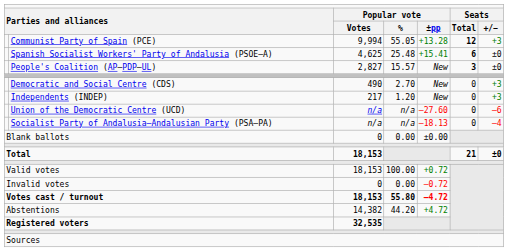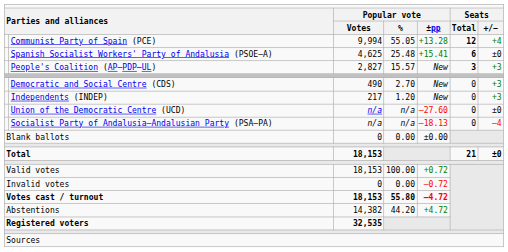 <table class="wikitable" style="text-align:right;">
 <tr>
 <td colspan="7"></td>
 </tr>
 <tr>
 <th style="text-align:left;" rowspan="2" colspan="2" width="525">Parties and alliances</th>
 <th colspan="3">Popular vote</th>
 <th colspan="2">Seats</th>
 </tr>
 <tr>
 <th width="75">Votes</th>
 <th width="45">%</th>
 <th width="45">±<a href='#'>pp</a></th>
 <th width="35">Total</th>
 <th width="35">+/−</th>
 </tr>
 <tr>
 <td width="1" style="color:inherit;background:"></td>
 <td align="left"><a href='#'>Communist Party of Spain</a> (PCE)</td>
 <td>9,994</td>
 <td>55.05</td>
 <td style="color:green;">+13.28</td>
 <td><strong>12</strong></td>
-<td style="color:green;">+3</td>
+<td style="color:green;">+4</td>
 </tr>
 <tr>
 <td style="color:inherit;background:"></td>
 <td align="left"><a href='#'>Spanish Socialist Workers' Party of Andalusia</a> (PSOE–A)</td>
 <td>4,625</td>
 <td>25.48</td>
 <td style="color:green;">+15.41</td>
 <td><strong>6</strong></td>
 <td>±0</td>
 </tr>
 <tr>
 <td style="color:inherit;background:"></td>
 <td align="left"><a href='#'>People's Coalition</a> (<a href='#'>AP</a>–<a href='#'>PDP</a>–<a href='#'>UL</a>)</td>
 <td>2,827</td>
 <td>15.57</td>
 <td><em>New</em></td>
 <td><strong>3</strong></td>
-<td>±0</td>
+<td style="color:green;">+3</td>
 </tr>
 <tr>
 <td colspan="7" bgcolor="#C0C0C0"></td>
 </tr>
 <tr>
 <td style="color:inherit;background:"></td>
 <td align="left"><a href='#'>Democratic and Social Centre</a> (CDS)</td>
 <td>490</td>
 <td>2.70</td>
 <td><em>New</em></td>
 <td>0</td>
 <td style="color:green;">+3</td>
 </tr>
 <tr>
 <td style="color:inherit;background:"></td>
 <td align="left"><a href='#'>Independents</a> (INDEP)</td>
 <td>217</td>
 <td>1.20</td>
 <td><em>New</em></td>
 <td>0</td>
 <td style="color:green;">+3</td>
 </tr>
 <tr>
 <td style="color:inherit;background:"></td>
 <td align="left"><a href='#'>Union of the Democratic Centre</a> (UCD)</td>
 <td><em><a href='#'>n/a</a></em></td>
 <td><em>n/a</em></td>
 <td style="color:red;">–27.60</td>
 <td>0</td>
-<td style="color:red;">–6</td>
+<td>±0</td>
 </tr>
 <tr>
 <td style="color:inherit;background:"></td>
 <td align="left"><a href='#'>Socialist Party of Andalusia–Andalusian Party</a> (PSA–PA)</td>
 <td><em>n/a</em></td>
 <td><em>n/a</em></td>
 <td style="color:red;">–18.13</td>
 <td>0</td>
 <td style="color:red;">–4</td>
 </tr>
 <tr>
 <td align="left" colspan="2">Blank ballots</td>
 <td>0</td>
 <td>0.00</td>
 <td>±0.00</td>
 <td bgcolor="#E9E9E9" colspan="2"></td>
 </tr>
 <tr>
 <td colspan="7" bgcolor="#E9E9E9"></td>
 </tr>
 <tr style="font-weight:bold;">
 <td align="left" colspan="2">Total</td>
 <td>18,153</td>
 <td bgcolor="#E9E9E9" colspan="2"></td>
 <td>21</td>
 <td>±0</td>
 </tr>
 <tr>
 <td colspan="7" bgcolor="#E9E9E9"></td>
 </tr>
 <tr>
 <td align="left" colspan="2">Valid votes</td>
 <td>18,153</td>
 <td>100.00</td>
 <td style="color:green;">+0.72</td>
 <td bgcolor="#E9E9E9" colspan="2" rowspan="5"></td>
 </tr>
 <tr>
 <td align="left" colspan="2">Invalid votes</td>
 <td>0</td>
 <td>0.00</td>
 <td style="color:red;">–0.72</td>
 </tr>
 <tr style="font-weight:bold;">
 <td align="left" colspan="2">Votes cast / turnout</td>
 <td>18,153</td>
 <td>55.80</td>
 <td style="color:red;">–4.72</td>
 </tr>
 <tr>
 <td align="left" colspan="2">Abstentions</td>
 <td>14,382</td>
 <td>44.20</td>
 <td style="color:green;">+4.72</td>
 </tr>
 <tr style="font-weight:bold;">
 <td align="left" colspan="2">Registered voters</td>
 <td>32,535</td>
 <td bgcolor="#E9E9E9" colspan="2"></td>
 </tr>
 <tr>
 <td colspan="7" bgcolor="#E9E9E9"></td>
 </tr>
 <tr>
 <td align="left" colspan="7">Sources</td>
 </tr>
 </table>
